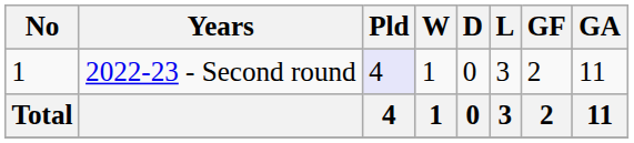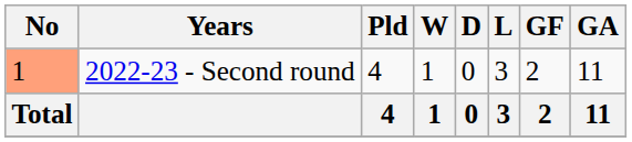 <table class = "wikitable">
 <tr>
 <th>No</th>
 <th>Years</th>
 <th>Pld</th>
 <th>W</th>
 <th>D</th>
 <th>L</th>
 <th>GF</th>
 <th>GA</th>
 </tr>
 <tr>
-<td>1</td>
+<td style="background: lightsalmon;">1</td>
 <td><a href='#'>2022-23</a> - Second round</td>
-<td style="background: lavender;">4</td>
+<td>4</td>
 <td>1</td>
 <td>0</td>
 <td>3</td>
 <td>2</td>
 <td>11</td>
 </tr>
 <tr>
 <th>Total</th>
 <th></th>
 <th>4</th>
 <th>1</th>
 <th>0</th>
 <th>3</th>
 <th>2</th>
 <th>11</th>
 </tr>
 <tr>
 </tr>
 </table>
